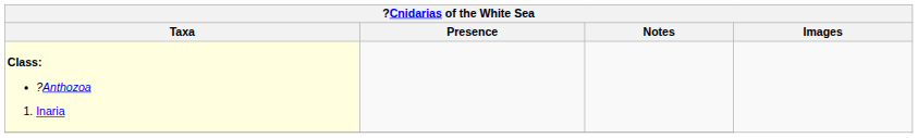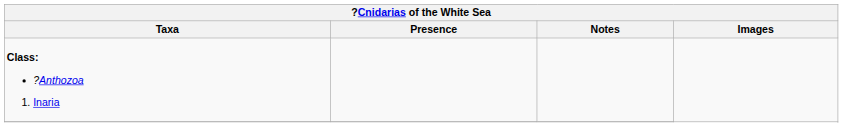 <table class="wikitable" align="center" width="100%">
 <tr>
 <th colspan="5" align="center"><strong>?<a href='#'>Cnidarias</a> of the White Sea</strong></th>
 </tr>
 <tr>
 <th>Taxa</th>
 <th>Presence</th>
 <th>Notes</th>
 <th>Images</th>
 </tr>
 <tr>
-<td style="background: lightyellow;"><br><strong>Class:</strong><ul><li><em>?<a href='#'>Anthozoa</a></em></li></ul><ol><li><a href='#'>Inaria</a></li></ol></td>
+<td><br><strong>Class:</strong><ul><li><em>?<a href='#'>Anthozoa</a></em></li></ul><ol><li><a href='#'>Inaria</a></li></ol></td>
 <td></td>
 <td></td>
 <td rowspan="99"><br></td>
 </tr>
 <tr>
 </tr>
 </table>
